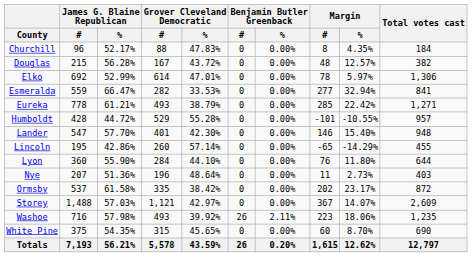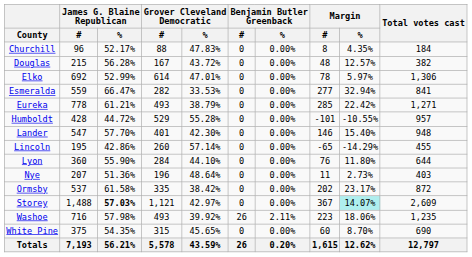 <table class="wikitable sortable" style="text-align:center">
 <tr>
 <th colspan="1"></th>
 <th style="text-align:center;" colspan="2">James G. Blaine<br>Republican</th>
 <th style="text-align:center;" colspan="2">Grover Cleveland<br>Democratic</th>
 <th style="text-align:center;" colspan="2">Benjamin Butler<br>Greenback</th>
 <th style="text-align:center;" colspan="2">Margin</th>
 <th style="text-align:center;" rowspan="2">Total votes cast</th>
 </tr>
 <tr>
 <th align=center>County</th>
 <th style="text-align:center;" data-sort-type="number">#</th>
 <th style="text-align:center;" data-sort-type="number">%</th>
 <th style="text-align:center;" data-sort-type="number">#</th>
 <th style="text-align:center;" data-sort-type="number">%</th>
 <th style="text-align:center;" data-sort-type="number">#</th>
 <th style="text-align:center;" data-sort-type="number">%</th>
 <th style="text-align:center;" data-sort-type="number">#</th>
 <th style="text-align:center;" data-sort-type="number">%</th>
 </tr>
 <tr style="text-align:center;">
 <td><a href='#'>Churchill</a></td>
 <td>96</td>
 <td>52.17%</td>
 <td>88</td>
 <td>47.83%</td>
 <td>0</td>
 <td>0.00%</td>
 <td>8</td>
 <td>4.35%</td>
 <td>184</td>
 </tr>
 <tr style="text-align:center;">
 <td><a href='#'>Douglas</a></td>
 <td>215</td>
 <td>56.28%</td>
 <td>167</td>
 <td>43.72%</td>
 <td>0</td>
 <td>0.00%</td>
 <td>48</td>
 <td>12.57%</td>
 <td>382</td>
 </tr>
 <tr style="text-align:center;">
 <td><a href='#'>Elko</a></td>
 <td>692</td>
 <td>52.99%</td>
 <td>614</td>
 <td>47.01%</td>
 <td>0</td>
 <td>0.00%</td>
 <td>78</td>
 <td>5.97%</td>
 <td>1,306</td>
 </tr>
 <tr style="text-align:center;">
 <td><a href='#'>Esmeralda</a></td>
 <td>559</td>
 <td>66.47%</td>
 <td>282</td>
 <td>33.53%</td>
 <td>0</td>
 <td>0.00%</td>
 <td>277</td>
 <td>32.94%</td>
 <td>841</td>
 </tr>
 <tr style="text-align:center;">
 <td><a href='#'>Eureka</a></td>
 <td>778</td>
 <td>61.21%</td>
 <td>493</td>
 <td>38.79%</td>
 <td>0</td>
 <td>0.00%</td>
 <td>285</td>
 <td>22.42%</td>
 <td>1,271</td>
 </tr>
 <tr style="text-align:center;">
 <td><a href='#'>Humboldt</a></td>
 <td>428</td>
 <td>44.72%</td>
 <td>529</td>
 <td>55.28%</td>
 <td>0</td>
 <td>0.00%</td>
 <td>-101</td>
 <td>-10.55%</td>
 <td>957</td>
 </tr>
 <tr style="text-align:center;">
 <td><a href='#'>Lander</a></td>
 <td>547</td>
 <td>57.70%</td>
 <td>401</td>
 <td>42.30%</td>
 <td>0</td>
 <td>0.00%</td>
 <td>146</td>
 <td>15.40%</td>
 <td>948</td>
 </tr>
 <tr style="text-align:center;">
 <td><a href='#'>Lincoln</a></td>
 <td>195</td>
 <td>42.86%</td>
 <td>260</td>
 <td>57.14%</td>
 <td>0</td>
 <td>0.00%</td>
 <td>-65</td>
 <td>-14.29%</td>
 <td>455</td>
 </tr>
 <tr style="text-align:center;">
 <td><a href='#'>Lyon</a></td>
 <td>360</td>
 <td>55.90%</td>
 <td>284</td>
 <td>44.10%</td>
 <td>0</td>
 <td>0.00%</td>
 <td>76</td>
 <td>11.80%</td>
 <td>644</td>
 </tr>
 <tr style="text-align:center;">
 <td><a href='#'>Nye</a></td>
 <td>207</td>
 <td>51.36%</td>
 <td>196</td>
 <td>48.64%</td>
 <td>0</td>
 <td>0.00%</td>
 <td>11</td>
 <td>2.73%</td>
 <td>403</td>
 </tr>
 <tr style="text-align:center;">
 <td><a href='#'>Ormsby</a></td>
 <td>537</td>
 <td>61.58%</td>
 <td>335</td>
 <td>38.42%</td>
 <td>0</td>
 <td>0.00%</td>
 <td>202</td>
 <td>23.17%</td>
 <td>872</td>
 </tr>
 <tr style="text-align:center;">
 <td><a href='#'>Storey</a></td>
 <td>1,488</td>
-<td>57.03%</td>
+<td><strong>57.03%</strong></td>
 <td>1,121</td>
 <td>42.97%</td>
 <td>0</td>
 <td>0.00%</td>
 <td>367</td>
-<td>14.07%</td>
+<td style="background: paleturquoise;">14.07%</td>
 <td>2,609</td>
 </tr>
 <tr style="text-align:center;">
 <td><a href='#'>Washoe</a></td>
 <td>716</td>
 <td>57.98%</td>
 <td>493</td>
 <td>39.92%</td>
 <td>26</td>
 <td>2.11%</td>
 <td>223</td>
 <td>18.06%</td>
 <td>1,235</td>
 </tr>
 <tr style="text-align:center;">
 <td><a href='#'>White Pine</a></td>
 <td>375</td>
 <td>54.35%</td>
 <td>315</td>
 <td>45.65%</td>
 <td>0</td>
 <td>0.00%</td>
 <td>60</td>
 <td>8.70%</td>
 <td>690</td>
 </tr>
 <tr style="text-align:center;">
 <th>Totals</th>
 <th>7,193</th>
 <th>56.21%</th>
 <th>5,578</th>
 <th>43.59%</th>
 <th>26</th>
 <th>0.20%</th>
 <th>1,615</th>
 <th>12.62%</th>
 <th>12,797</th>
 </tr>
 </table>
